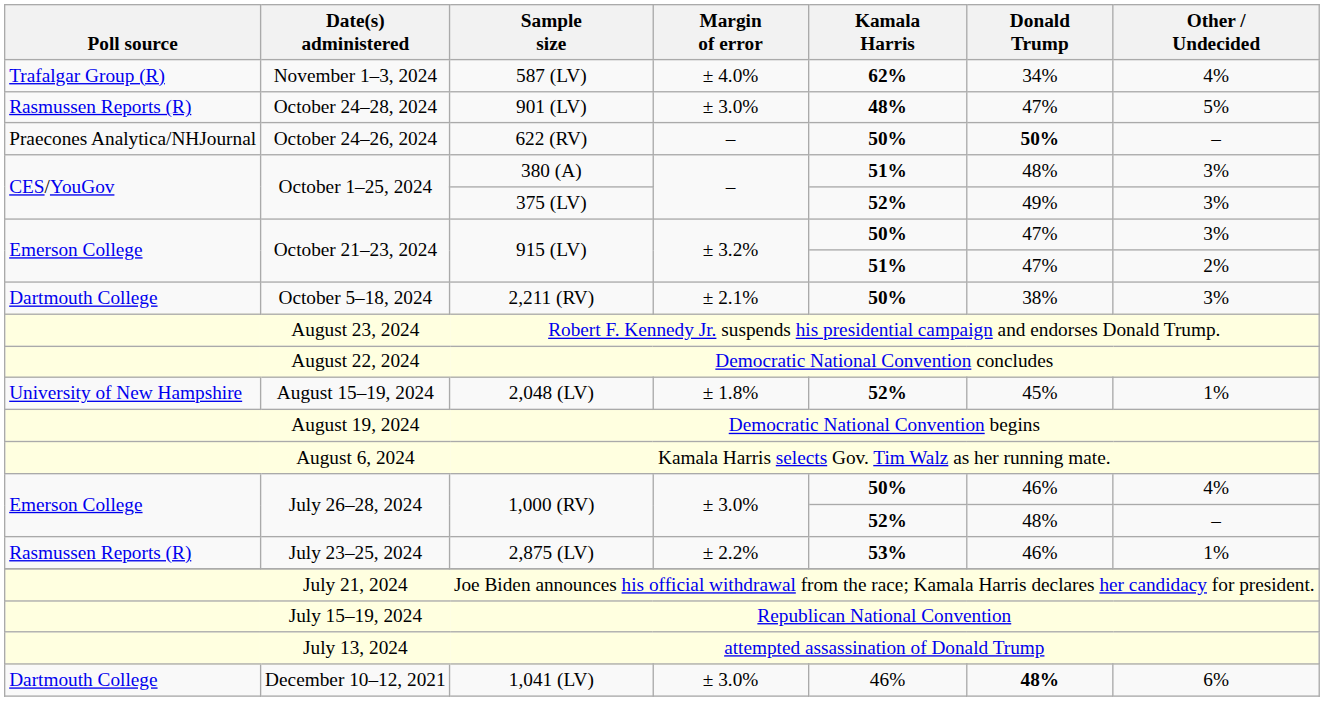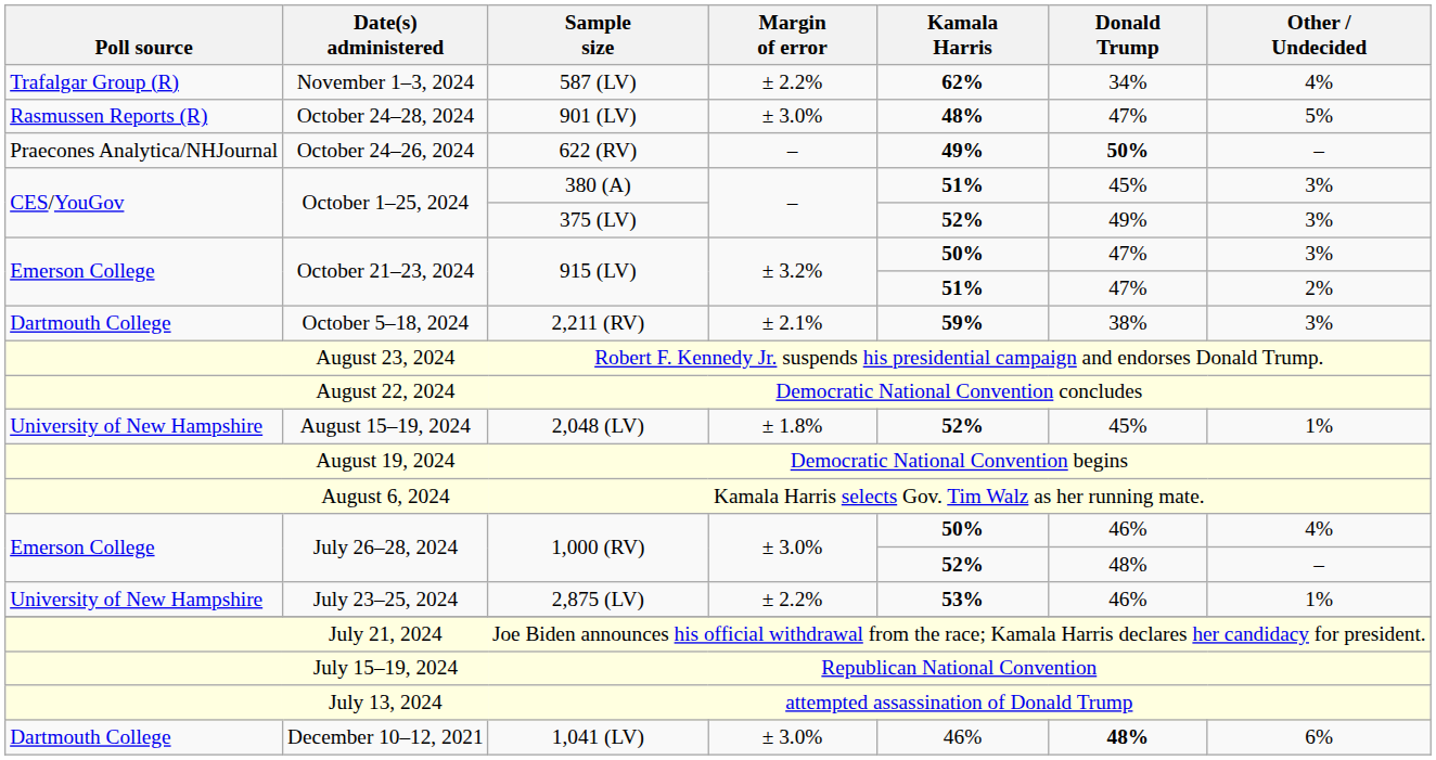 <table class="wikitable sortable mw-datatable" style="font-size:90%;text-align:center;line-height:17px">
 <tr valign=bottom>
 <th>Poll source</th>
 <th>Date(s)<br>administered</th>
 <th>Sample<br>size</th>
 <th>Margin<br>of error</th>
 <th class="unsortable">Kamala<br>Harris<br></th>
 <th class="unsortable">Donald<br>Trump<br></th>
 <th class="unsortable">Other /<br>Undecided</th>
 </tr>
 <tr>
 <td style="text-align:left;"><a href='#'>Trafalgar Group (R)</a></td>
 <td data-sort-value="2024-11-03">November 1–3, 2024</td>
 <td>587 (LV)</td>
-<td>± 4.0%</td>
+<td>± 2.2%</td>
 <td style="color:black;background-color:"><strong>62%</strong></td>
 <td>34%</td>
 <td>4%</td>
 </tr>
 <tr>
 <td style="text-align:left;"><a href='#'>Rasmussen Reports (R)</a></td>
 <td data-sort-value="2024-10-28">October 24–28, 2024</td>
 <td>901 (LV)</td>
 <td>± 3.0%</td>
 <td style="color:black;background-color:"><strong>48%</strong></td>
 <td>47%</td>
 <td>5%</td>
 </tr>
 <tr>
 <td style="text-align:left;">Praecones Analytica/NHJournal</td>
 <td data-sort-value="2024-07-21">October 24–26, 2024</td>
 <td>622 (RV)</td>
 <td>–</td>
-<td><strong>50%</strong></td>
+<td><strong>49%</strong></td>
 <td><strong>50%</strong></td>
 <td>–</td>
 </tr>
 <tr>
 <td style="text-align:left;" rowspan="2"><a href='#'>CES</a>/<a href='#'>YouGov</a></td>
 <td rowspan="2">October 1–25, 2024</td>
 <td>380 (A)</td>
 <td rowspan="2">–</td>
 <td style="color:black;background-color:"><strong>51%</strong></td>
-<td>48%</td>
+<td>45%</td>
 <td>3%</td>
 </tr>
 <tr>
 <td>375 (LV)</td>
 <td style="color:black;background-color:"><strong>52%</strong></td>
 <td>49%</td>
 <td>3%</td>
 </tr>
 <tr>
 <td style="text-align:left;" rowspan="2"><a href='#'>Emerson College</a></td>
 <td rowspan="2">October 21–23, 2024</td>
 <td rowspan="2">915 (LV)</td>
 <td rowspan="2">± 3.2%</td>
 <td style="color:black;background-color:"><strong>50%</strong></td>
 <td>47%</td>
 <td>3%</td>
 </tr>
 <tr>
 <td style="color:black;background-color:"><strong>51%</strong></td>
 <td>47%</td>
 <td>2%</td>
 </tr>
 <tr>
 <td style="text-align:left;"><a href='#'>Dartmouth College</a></td>
 <td data-sort-value="2024-10-18">October 5–18, 2024</td>
 <td>2,211 (RV)</td>
 <td>± 2.1%</td>
-<td style="color:black;background-color:"><strong>50%</strong></td>
+<td style="color:black;background-color:"><strong>59%</strong></td>
 <td>38%</td>
 <td>3%</td>
 </tr>
 <tr style="background:lightyellow;">
 <td style="border-right-style:hidden;"></td>
 <td style="border-right-style:hidden; " data-sort-value="2024-08-21">August 23, 2024</td>
 <td colspan="5"><a href='#'>Robert F. Kennedy Jr.</a> suspends <a href='#'>his presidential campaign</a> and endorses Donald Trump.</td>
 </tr>
 <tr style="background:lightyellow;">
 <td style="border-right-style:hidden;"></td>
 <td style="border-right-style:hidden; " data-sort-value="2024-08-22">August 22, 2024</td>
 <td colspan="5"><a href='#'>Democratic National Convention</a> concludes</td>
 </tr>
 <tr>
 <td style="text-align:left;"><a href='#'>University of New Hampshire</a></td>
 <td data-sort-value="2024-08-19">August 15–19, 2024</td>
 <td>2,048 (LV)</td>
 <td>± 1.8%</td>
 <td style="color:black;background-color:"><strong>52%</strong></td>
 <td>45%</td>
 <td>1%</td>
 </tr>
 <tr style="background:lightyellow;">
 <td style="border-right-style:hidden;"></td>
 <td style="border-right-style:hidden; " data-sort-value="2024-08-19">August 19, 2024</td>
 <td colspan="5"><a href='#'>Democratic National Convention</a> begins</td>
 </tr>
 <tr style="background:lightyellow;">
 <td style="border-right-style:hidden;"></td>
 <td style="border-right-style:hidden; " data-sort-value="2024-08-06">August 6, 2024</td>
 <td colspan="5">Kamala Harris <a href='#'>selects</a> Gov. <a href='#'>Tim Walz</a> as her running mate.</td>
 </tr>
 <tr>
 <td style="text-align:left;" rowspan="2"><a href='#'>Emerson College</a></td>
 <td rowspan="2">July 26–28, 2024</td>
 <td rowspan="2">1,000 (RV)</td>
 <td rowspan="2">± 3.0%</td>
 <td style="color:black;background-color:"><strong>50%</strong></td>
 <td>46%</td>
 <td>4%</td>
 </tr>
 <tr>
 <td style="color:black;background-color:"><strong>52%</strong></td>
 <td>48%</td>
 <td>–</td>
 </tr>
 <tr>
-<td style="text-align:left;"><a href='#'>Rasmussen Reports (R)</a></td>
+<td style="text-align:left;"><a href='#'>University of New Hampshire</a></td>
 <td data-sort-value="2024-07-25">July 23–25, 2024</td>
 <td>2,875 (LV)</td>
 <td>± 2.2%</td>
 <td style="color:black;background-color:"><strong>53%</strong></td>
 <td>46%</td>
 <td>1%</td>
 </tr>
 <tr>
 </tr>
 <tr style="background:lightyellow;">
 <td style="border-right-style:hidden; background:lightyellow;"></td>
 <td style="border-right-style:hidden; " data-sort-value="2024-07-21">July 21, 2024</td>
 <td colspan="6">Joe Biden announces <a href='#'>his official withdrawal</a> from the race; Kamala Harris declares <a href='#'>her candidacy</a> for president.</td>
 </tr>
 <tr style="background:lightyellow;">
 <td style="border-right-style:hidden;"></td>
 <td style="border-right-style:hidden; " data-sort-value="2024-07-15">July 15–19, 2024</td>
 <td colspan="5"><a href='#'>Republican National Convention</a></td>
 </tr>
 <tr style="background:lightyellow;">
 <td style="border-right-style:hidden;"></td>
 <td style="border-right-style:hidden; " data-sort-value="2024-07-13">July 13, 2024</td>
 <td colspan="5"><a href='#'>attempted assassination of Donald Trump</a></td>
 </tr>
 <tr>
 <td style="text-align:left;"><a href='#'>Dartmouth College</a></td>
 <td data-sort-value="2021-12-12">December 10–12, 2021</td>
 <td>1,041 (LV)</td>
 <td>± 3.0%</td>
 <td>46%</td>
 <td style="background-color:"><strong>48%</strong></td>
 <td>6%</td>
 </tr>
 </table>
